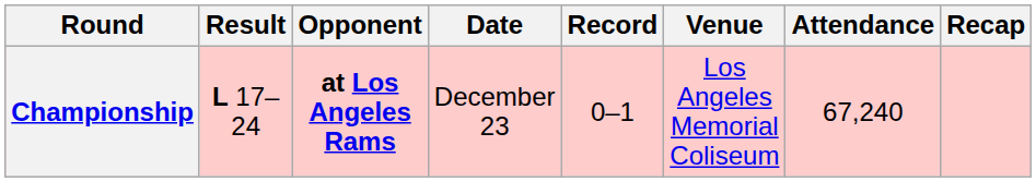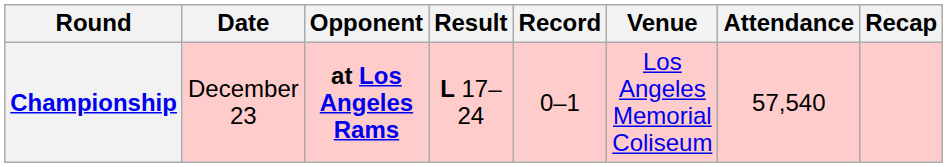 <table class="wikitable" style="text-align:center">
 <tr>
 <th>Round</th>
+<th>Date</th>
+<th>Opponent</th>
 <th>Result</th>
-<th>Opponent</th>
-<th>Date</th>
 <th>Record</th>
 <th>Venue</th>
 <th>Attendance</th>
 <th>Recap</th>
 </tr>
 <tr style="background:#fcc">
 <th><a href='#'>Championship</a></th>
+<td>December 23</td>
+<td><strong>at <a href='#'>Los Angeles Rams</a></strong></td>
 <td><strong>L</strong> 17–24</td>
-<td><strong>at <a href='#'>Los Angeles Rams</a></strong></td>
-<td>December 23</td>
 <td>0–1</td>
 <td><a href='#'>Los Angeles Memorial Coliseum</a></td>
-<td>67,240</td>
+<td>57,540</td>
 <td></td>
 </tr>
 </table>
